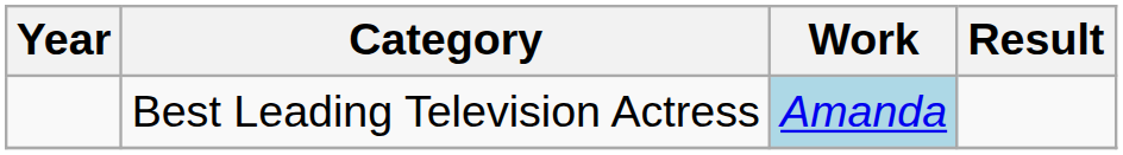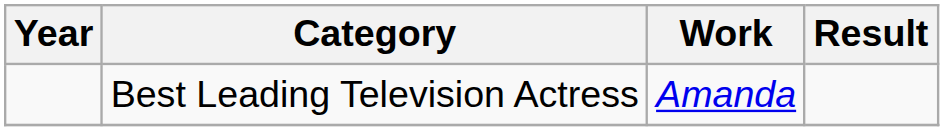 <table class=wikitable>
 <tr>
 <th>Year</th>
 <th>Category</th>
 <th>Work</th>
 <th>Result</th>
 </tr>
 <tr>
 <td></td>
 <td>Best Leading Television Actress</td>
-<td style="background: lightblue;"><em><a href='#'>Amanda</a></em></td>
+<td><em><a href='#'>Amanda</a></em></td>
 <td></td>
 </tr>
 <tr>
 </tr>
 </table>
